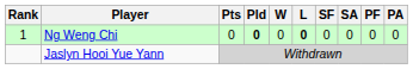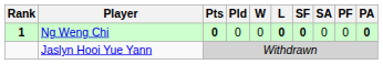 <table class=wikitable style="text-align:center; font-size:90%">
 <tr>
 <th width="20">Rank</th>
 <th width="200">Player</th>
 <th width="20">Pts</th>
 <th width="20">Pld</th>
 <th width="20">W</th>
 <th width="20">L</th>
 <th width="20">SF</th>
 <th width="20">SA</th>
 <th width="20">PF</th>
 <th width="20">PA</th>
 </tr>
 <tr bgcolor="#ccffcc">
-<td>1</td>
+<td><strong>1</strong></td>
 <td style="text-align:left"> <a href='#'>Ng Weng Chi</a></td>
-<td>0</td>
-<td><strong>0</strong></td>
-<td>0</td>
 <td><strong>0</strong></td>
 <td>0</td>
 <td>0</td>
+<td><strong>0</strong></td>
+<td><strong>0</strong></td>
 <td>0</td>
 <td>0</td>
+<td><strong>0</strong></td>
 </tr>
 <tr>
 <td></td>
 <td style="text-align:left"> <a href='#'>Jaslyn Hooi Yue Yann</a></td>
 <td bgcolor="lightgray" colspan="8"><em>Withdrawn</em></td>
 </tr>
 </table>
